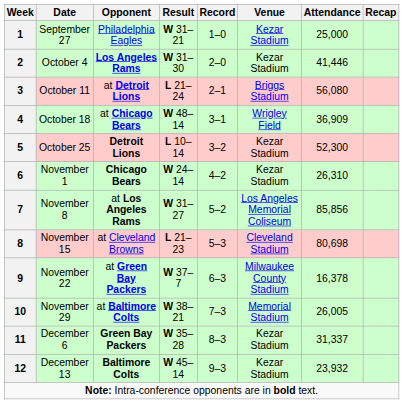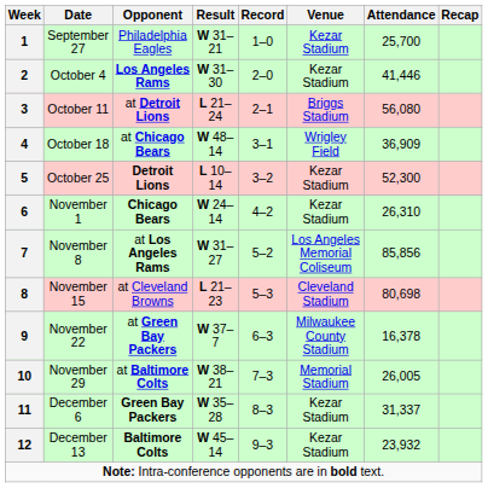 <table class="wikitable" style="text-align:center">
 <tr>
 <th>Week</th>
 <th>Date</th>
 <th>Opponent</th>
 <th>Result</th>
 <th>Record</th>
 <th>Venue</th>
 <th>Attendance</th>
 <th>Recap</th>
 </tr>
 <tr style="background:#cfc">
 <th>1</th>
 <td>September 27</td>
 <td><a href='#'>Philadelphia Eagles</a></td>
 <td><strong>W</strong> 31–21</td>
 <td>1–0</td>
 <td><a href='#'>Kezar Stadium</a></td>
-<td>25,000</td>
+<td>25,700</td>
 <td></td>
 </tr>
 <tr style="background:#cfc">
 <th>2</th>
 <td>October 4</td>
 <td><strong><a href='#'>Los Angeles Rams</a></strong></td>
 <td><strong>W</strong> 31–30</td>
 <td>2–0</td>
 <td>Kezar Stadium</td>
 <td>41,446</td>
 <td></td>
 </tr>
 <tr style="background:#fcc">
 <th>3</th>
 <td>October 11</td>
 <td>at <strong><a href='#'>Detroit Lions</a></strong></td>
 <td><strong>L</strong> 21–24</td>
 <td>2–1</td>
 <td><a href='#'>Briggs Stadium</a></td>
 <td>56,080</td>
 <td></td>
 </tr>
 <tr style="background:#cfc">
 <th>4</th>
 <td>October 18</td>
 <td>at <strong><a href='#'>Chicago Bears</a></strong></td>
 <td><strong>W</strong> 48–14</td>
 <td>3–1</td>
 <td><a href='#'>Wrigley Field</a></td>
 <td>36,909</td>
 <td></td>
 </tr>
 <tr style="background:#fcc">
 <th>5</th>
 <td>October 25</td>
 <td><strong>Detroit Lions</strong></td>
 <td><strong>L</strong> 10–14</td>
 <td>3–2</td>
 <td>Kezar Stadium</td>
 <td>52,300</td>
 <td></td>
 </tr>
 <tr style="background:#cfc">
 <th>6</th>
 <td>November 1</td>
 <td><strong>Chicago Bears</strong></td>
 <td><strong>W</strong> 24–14</td>
 <td>4–2</td>
 <td>Kezar Stadium</td>
 <td>26,310</td>
 <td></td>
 </tr>
 <tr style="background:#cfc">
 <th>7</th>
 <td>November 8</td>
 <td>at <strong>Los Angeles Rams</strong></td>
 <td><strong>W</strong> 31–27</td>
 <td>5–2</td>
 <td><a href='#'>Los Angeles Memorial Coliseum</a></td>
 <td>85,856</td>
 <td></td>
 </tr>
 <tr style="background:#fcc">
 <th>8</th>
 <td>November 15</td>
 <td>at <a href='#'>Cleveland Browns</a></td>
 <td><strong>L</strong> 21–23</td>
 <td>5–3</td>
 <td><a href='#'>Cleveland Stadium</a></td>
 <td>80,698</td>
 <td></td>
 </tr>
 <tr style="background:#cfc">
 <th>9</th>
 <td>November 22</td>
 <td>at <strong><a href='#'>Green Bay Packers</a></strong></td>
 <td><strong>W</strong> 37–7</td>
 <td>6–3</td>
 <td><a href='#'>Milwaukee County Stadium</a></td>
 <td>16,378</td>
 <td></td>
 </tr>
 <tr style="background:#cfc">
 <th>10</th>
 <td>November 29</td>
 <td>at <strong><a href='#'>Baltimore Colts</a></strong></td>
 <td><strong>W</strong> 38–21</td>
 <td>7–3</td>
 <td><a href='#'>Memorial Stadium</a></td>
 <td>26,005</td>
 <td></td>
 </tr>
 <tr style="background:#cfc">
 <th>11</th>
 <td>December 6</td>
 <td><strong>Green Bay Packers</strong></td>
 <td><strong>W</strong> 35–28</td>
 <td>8–3</td>
 <td>Kezar Stadium</td>
 <td>31,337</td>
 <td></td>
 </tr>
 <tr style="background:#cfc">
 <th>12</th>
 <td>December 13</td>
 <td><strong>Baltimore Colts</strong></td>
 <td><strong>W</strong> 45–14</td>
 <td>9–3</td>
 <td>Kezar Stadium</td>
 <td>23,932</td>
 <td></td>
 </tr>
 <tr>
 <td colspan="8"><strong>Note:</strong> Intra-conference opponents are in <strong>bold</strong> text.</td>
 </tr>
 </table>
